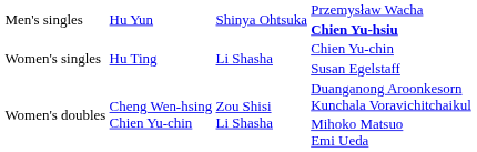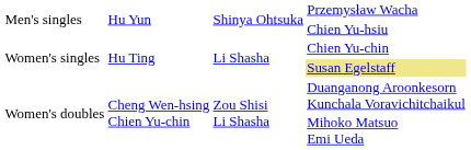 <table>
 <tr>
 <td rowspan="2">Men's singles</td>
 <td rowspan="2"> <a href='#'>Hu Yun</a></td>
 <td rowspan="2"> <a href='#'>Shinya Ohtsuka</a></td>
 <td> <a href='#'>Przemysław Wacha</a></td>
 </tr>
 <tr>
-<td><strong> <a href='#'>Chien Yu-hsiu</a></strong></td>
+<td> <a href='#'>Chien Yu-hsiu</a></td>
 </tr>
 <tr>
 <td rowspan="2">Women's singles</td>
 <td rowspan="2"> <a href='#'>Hu Ting</a></td>
 <td rowspan="2"> <a href='#'>Li Shasha</a></td>
 <td> <a href='#'>Chien Yu-chin</a></td>
 </tr>
 <tr>
-<td> <a href='#'>Susan Egelstaff</a></td>
+<td style="background: khaki;"> <a href='#'>Susan Egelstaff</a></td>
 </tr>
 <tr>
 <td rowspan="2">Women's doubles</td>
 <td rowspan="2"> <a href='#'>Cheng Wen-hsing</a><br> <a href='#'>Chien Yu-chin</a></td>
 <td rowspan="2"> <a href='#'>Zou Shisi</a><br> <a href='#'>Li Shasha</a></td>
 <td> <a href='#'>Duanganong Aroonkesorn</a><br> <a href='#'>Kunchala Voravichitchaikul</a></td>
 </tr>
 <tr>
 <td> <a href='#'>Mihoko Matsuo</a><br> <a href='#'>Emi Ueda</a></td>
 </tr>
 </table>
